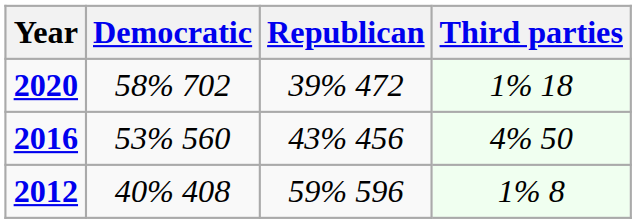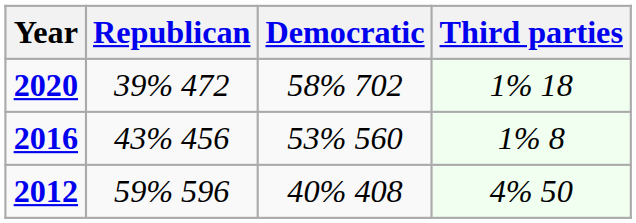 <table class="wikitable" style="float:right; font-size:95%;">
 <tr bgcolor=lightgrey>
 <th>Year</th>
+<th><a href='#'>Republican</a></th>
 <th><a href='#'>Democratic</a></th>
-<th><a href='#'>Republican</a></th>
 <th><a href='#'>Third parties</a></th>
 </tr>
 <tr>
 <td style="text-align:center; "><strong><a href='#'>2020</a></strong></td>
+<td style="text-align:center; "><em>39%</em> <em>472</em></td>
 <td style="text-align:center; "><em>58%</em> <em>702</em></td>
-<td style="text-align:center; "><em>39%</em> <em>472</em></td>
 <td style="text-align:center; background:honeyDew;"><em>1%</em> <em>18</em></td>
 </tr>
 <tr>
 <td style="text-align:center; "><strong><a href='#'>2016</a></strong></td>
+<td style="text-align:center; "><em>43%</em> <em>456</em></td>
 <td style="text-align:center; "><em>53%</em> <em>560</em></td>
-<td style="text-align:center; "><em>43%</em> <em>456</em></td>
-<td style="text-align:center; background:honeyDew;"><em>4%</em> <em>50</em></td>
+<td style="text-align:center; background:honeyDew;"><em>1%</em> <em>8</em></td>
 </tr>
 <tr>
 <td style="text-align:center; "><strong><a href='#'>2012</a></strong></td>
+<td style="text-align:center; "><em>59%</em> <em>596</em></td>
 <td style="text-align:center; "><em>40%</em> <em>408</em></td>
-<td style="text-align:center; "><em>59%</em> <em>596</em></td>
-<td style="text-align:center; background:honeyDew;"><em>1%</em> <em>8</em></td>
+<td style="text-align:center; background:honeyDew;"><em>4%</em> <em>50</em></td>
 </tr>
 </table>
